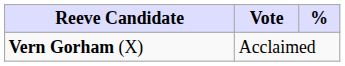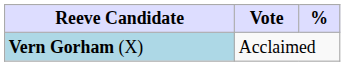 <table class="wikitable">
 <tr>
 <th style="background:#ddf; width:200px;">Reeve Candidate</th>
 <th style="background:#ddf; width:50px;">Vote</th>
 <th style="background:#ddf; width:30px;">%</th>
 </tr>
 <tr>
-<td><strong>Vern Gorham</strong> (X)</td>
+<td style="background: lightblue;"><strong>Vern Gorham</strong> (X)</td>
 <td colspan="2">Acclaimed</td>
 </tr>
 </table>
